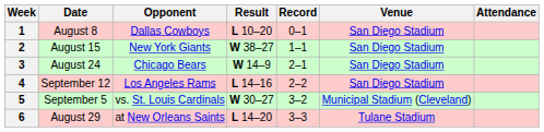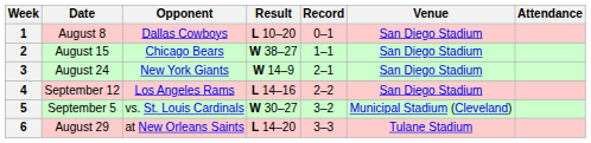 <table class="wikitable" style="text-align:center">
 <tr>
 <th>Week</th>
 <th>Date</th>
 <th>Opponent</th>
 <th>Result</th>
 <th>Record</th>
 <th>Venue</th>
 <th>Attendance</th>
 </tr>
 <tr style="background:#fcc">
 <th>1</th>
 <td>August 8</td>
 <td><a href='#'>Dallas Cowboys</a></td>
 <td><strong>L</strong> 10–20</td>
 <td>0–1</td>
 <td><a href='#'>San Diego Stadium</a></td>
 <td></td>
 </tr>
 <tr style="background:#cfc">
 <th>2</th>
 <td>August 15</td>
-<td><a href='#'>New York Giants</a></td>
+<td><a href='#'>Chicago Bears</a></td>
 <td><strong>W</strong> 38–27</td>
 <td>1–1</td>
 <td><a href='#'>San Diego Stadium</a></td>
 <td></td>
 </tr>
 <tr style="background:#cfc">
 <th>3</th>
 <td>August 24</td>
-<td><a href='#'>Chicago Bears</a></td>
+<td><a href='#'>New York Giants</a></td>
 <td><strong>W</strong> 14–9</td>
 <td>2–1</td>
 <td><a href='#'>San Diego Stadium</a></td>
 <td></td>
 </tr>
 <tr style="background:#fcc">
 <th>4</th>
 <td>September 12</td>
 <td><a href='#'>Los Angeles Rams</a></td>
 <td><strong>L</strong> 14–16</td>
 <td>2–2</td>
 <td><a href='#'>San Diego Stadium</a></td>
 <td></td>
 </tr>
 <tr style="background:#cfc">
 <th>5</th>
 <td>September 5</td>
 <td>vs. <a href='#'>St. Louis Cardinals</a></td>
 <td><strong>W</strong> 30–27</td>
 <td>3–2</td>
 <td><a href='#'>Municipal Stadium</a> (<a href='#'>Cleveland</a>)</td>
 <td></td>
 </tr>
 <tr style="background:#fcc">
 <th>6</th>
 <td>August 29</td>
 <td>at <a href='#'>New Orleans Saints</a></td>
 <td><strong>L</strong> 14–20</td>
 <td>3–3</td>
 <td><a href='#'>Tulane Stadium</a></td>
 <td></td>
 </tr>
 </table>
